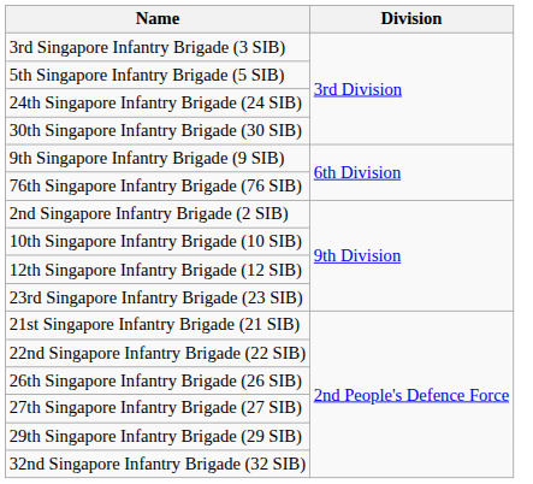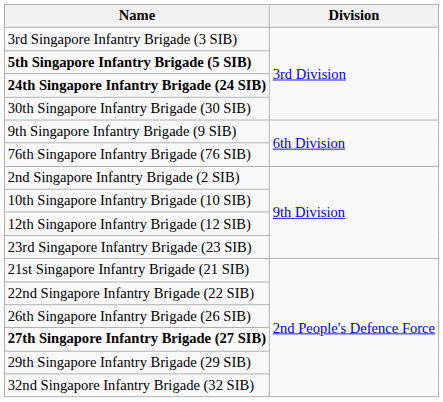 <table class="wikitable">
 <tr>
 <th>Name</th>
 <th>Division</th>
 </tr>
 <tr>
 <td>3rd Singapore Infantry Brigade (3 SIB)</td>
 <td rowspan=4><a href='#'>3rd Division</a></td>
 </tr>
 <tr>
-<td>5th Singapore Infantry Brigade (5 SIB)</td>
+<td><strong>5th Singapore Infantry Brigade (5 SIB)</strong></td>
 </tr>
 <tr>
-<td>24th Singapore Infantry Brigade (24 SIB)</td>
+<td><strong>24th Singapore Infantry Brigade (24 SIB)</strong></td>
 </tr>
 <tr>
 <td>30th Singapore Infantry Brigade (30 SIB)</td>
 </tr>
 <tr>
 <td>9th Singapore Infantry Brigade (9 SIB)</td>
 <td rowspan=2><a href='#'>6th Division</a></td>
 </tr>
 <tr>
 <td>76th Singapore Infantry Brigade (76 SIB)</td>
 </tr>
 <tr>
 <td>2nd Singapore Infantry Brigade (2 SIB)</td>
 <td rowspan=4><a href='#'>9th Division</a></td>
 </tr>
 <tr>
 <td>10th Singapore Infantry Brigade (10 SIB)</td>
 </tr>
 <tr>
 <td>12th Singapore Infantry Brigade (12 SIB)</td>
 </tr>
 <tr>
 <td>23rd Singapore Infantry Brigade (23 SIB)</td>
 </tr>
 <tr>
 <td>21st Singapore Infantry Brigade (21 SIB)</td>
 <td rowspan=6><a href='#'>2nd People's Defence Force</a></td>
 </tr>
 <tr>
 <td>22nd Singapore Infantry Brigade (22 SIB)</td>
 </tr>
 <tr>
 <td>26th Singapore Infantry Brigade (26 SIB)</td>
 </tr>
 <tr>
-<td>27th Singapore Infantry Brigade (27 SIB)</td>
+<td><strong>27th Singapore Infantry Brigade (27 SIB)</strong></td>
 </tr>
 <tr>
 <td>29th Singapore Infantry Brigade (29 SIB)</td>
 </tr>
 <tr>
 <td>32nd Singapore Infantry Brigade (32 SIB)</td>
 </tr>
 </table>
